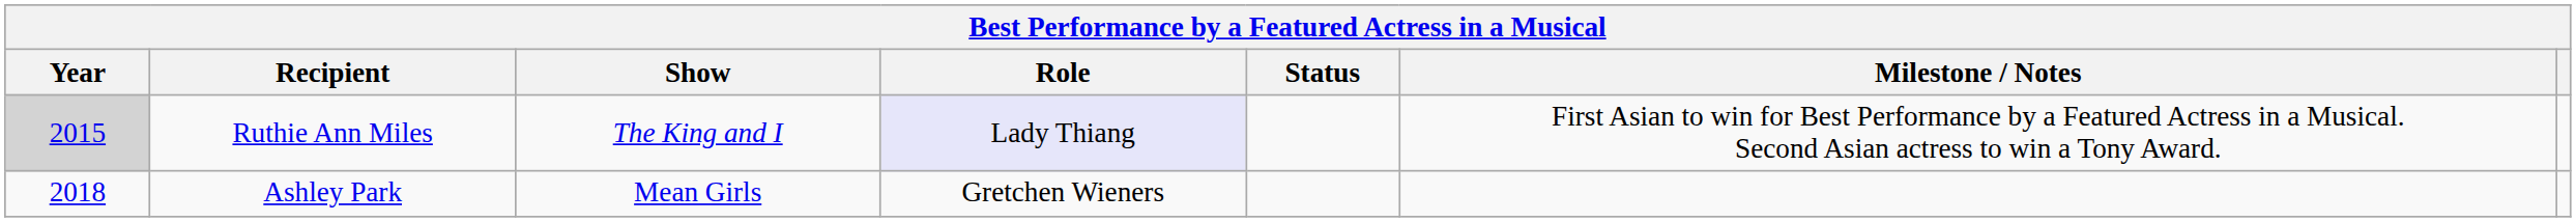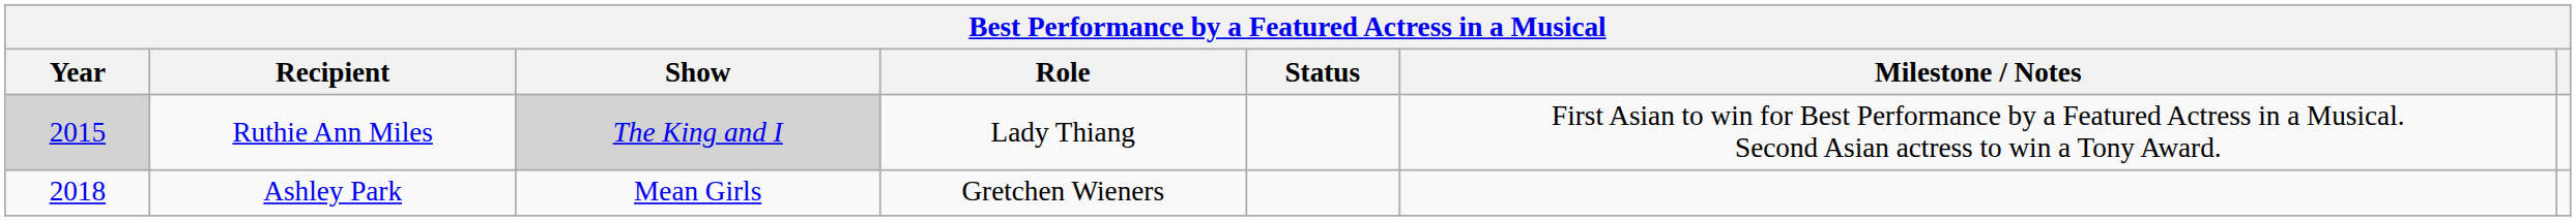 <table class="wikitable sortable" style="text-align: center">
 <tr>
 <th colspan="7" style="text-align:center;"><strong><a href='#'>Best Performance by a Featured Actress in a Musical</a></strong></th>
 </tr>
 <tr style="background:#ebft5ff;">
 <th style="width:075px;">Year</th>
 <th style="width:200px;">Recipient</th>
 <th style="width:200px;">Show</th>
 <th style="width:200px;">Role</th>
 <th style="width:080px;">Status</th>
 <th style="width:650px;">Milestone / Notes</th>
 <th></th>
 </tr>
 <tr>
 <td style="background: lightgrey;"><a href='#'>2015</a></td>
 <td><a href='#'>Ruthie Ann Miles</a></td>
-<td><em><a href='#'>The King and I</a></em></td>
-<td style="background: lavender;">Lady Thiang</td>
+<td style="background: lightgrey;"><em><a href='#'>The King and I</a></em></td>
+<td>Lady Thiang</td>
 <td></td>
 <td>First Asian to win for Best Performance by a Featured Actress in a Musical.<br>Second Asian actress to win a Tony Award.</td>
 <td></td>
 </tr>
 <tr>
 <td><a href='#'>2018</a></td>
 <td><a href='#'>Ashley Park</a></td>
 <td><a href='#'>Mean Girls</a></td>
 <td>Gretchen Wieners</td>
 <td></td>
 <td></td>
 <td></td>
 </tr>
 </table>
